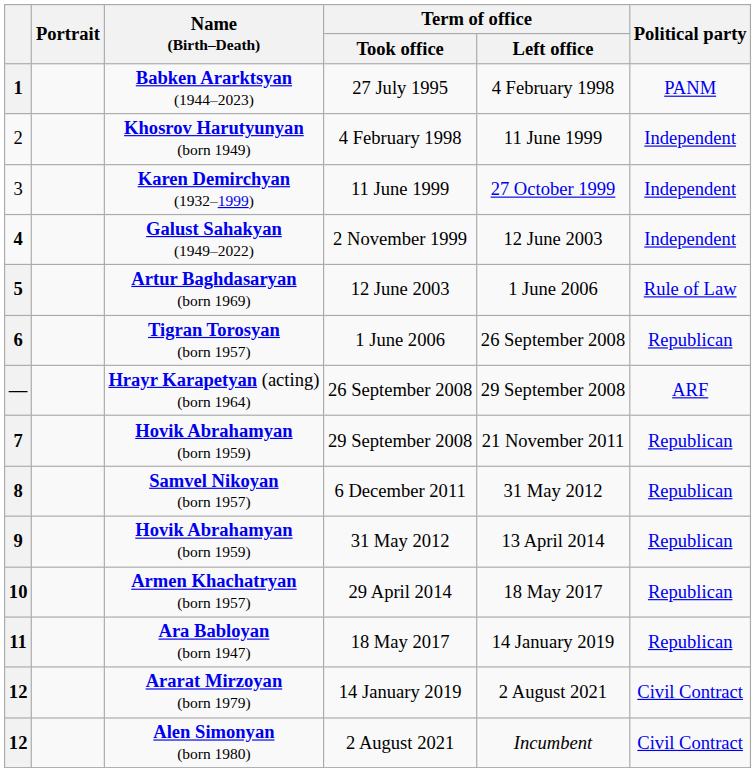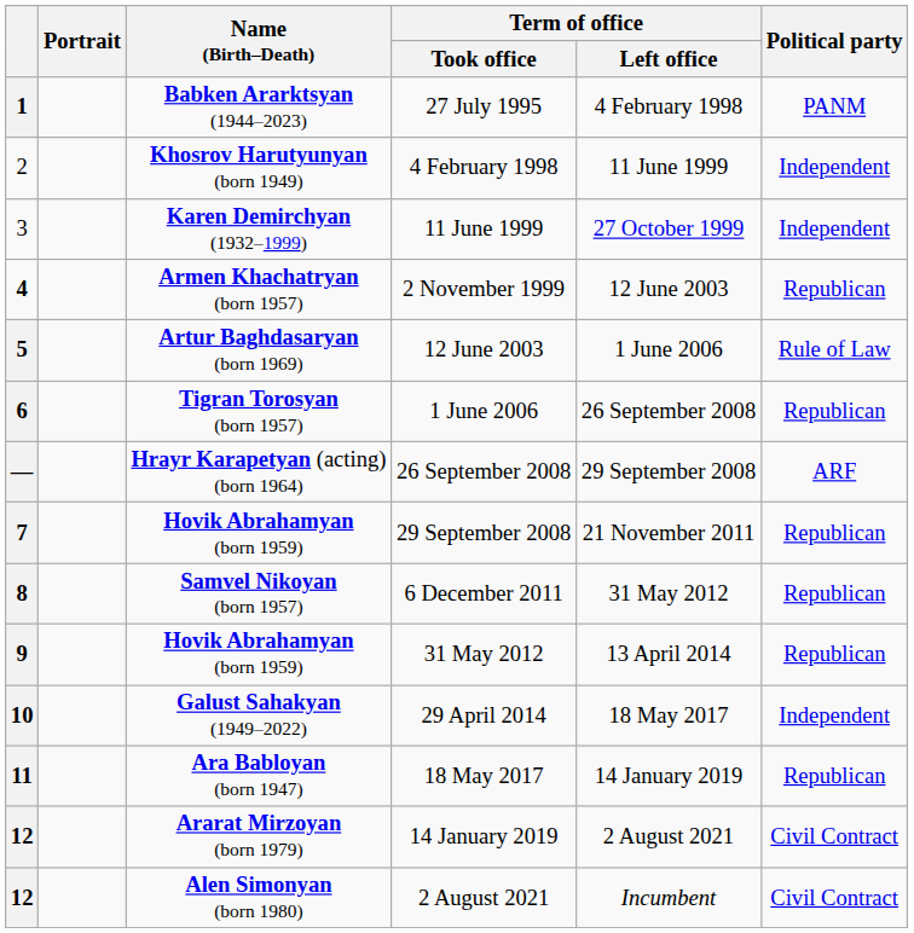 <table class="wikitable" style="text-align:center">
 <tr>
 <th rowspan="2"></th>
 <th rowspan="2">Portrait</th>
 <th rowspan="2">Name<br><small>(Birth–Death)</small></th>
 <th colspan="2">Term of office</th>
 <th rowspan="2">Political party</th>
 </tr>
 <tr>
 <th>Took office</th>
 <th>Left office</th>
 </tr>
 <tr>
 <th style="background:">1</th>
 <td></td>
 <td><strong><a href='#'>Babken Ararktsyan</a></strong><br><small>(1944–2023)</small></td>
 <td>27 July 1995</td>
 <td>4 February 1998</td>
 <td><a href='#'>PANM</a></td>
 </tr>
 <tr>
 <td>2</td>
 <td></td>
 <td><strong><a href='#'>Khosrov Harutyunyan</a></strong><br><small>(born 1949)</small></td>
 <td>4 February 1998</td>
 <td>11 June 1999</td>
 <td><a href='#'>Independent</a></td>
 </tr>
 <tr>
 <td>3</td>
 <td></td>
 <td><strong><a href='#'>Karen Demirchyan</a></strong><br><small>(1932–<a href='#'>1999</a>)</small></td>
 <td>11 June 1999</td>
 <td><a href='#'>27 October 1999</a></td>
 <td><a href='#'>Independent</a></td>
 </tr>
 <tr>
 <td><strong>4</strong></td>
 <td></td>
-<td><strong><a href='#'>Galust Sahakyan</a></strong><br><small>(1949–2022)</small></td>
+<td><strong><a href='#'>Armen Khachatryan</a></strong><br><small>(born 1957)</small></td>
 <td>2 November 1999</td>
 <td>12 June 2003</td>
-<td><a href='#'>Independent</a></td>
+<td><a href='#'>Republican</a></td>
 </tr>
 <tr>
 <th style="background:">5</th>
 <td></td>
 <td><strong><a href='#'>Artur Baghdasaryan</a></strong><br><small>(born 1969)</small></td>
 <td>12 June 2003</td>
 <td>1 June 2006</td>
 <td><a href='#'>Rule of Law</a></td>
 </tr>
 <tr>
 <th style="background:">6</th>
 <td></td>
 <td><strong><a href='#'>Tigran Torosyan</a></strong><br><small>(born 1957)</small></td>
 <td>1 June 2006</td>
 <td>26 September 2008</td>
 <td><a href='#'>Republican</a></td>
 </tr>
 <tr>
 <th style="background:">—</th>
 <td></td>
 <td><strong><a href='#'>Hrayr Karapetyan</a></strong> (acting)<br><small>(born 1964)</small></td>
 <td>26 September 2008</td>
 <td>29 September 2008</td>
 <td><a href='#'>ARF</a></td>
 </tr>
 <tr>
 <th style="background:">7</th>
 <td></td>
 <td><strong><a href='#'>Hovik Abrahamyan</a></strong><br><small>(born 1959)</small></td>
 <td>29 September 2008</td>
 <td>21 November 2011</td>
 <td><a href='#'>Republican</a></td>
 </tr>
 <tr>
 <th style="background:">8</th>
 <td></td>
 <td><strong><a href='#'>Samvel Nikoyan</a></strong><br><small>(born 1957)</small></td>
 <td>6 December 2011</td>
 <td>31 May 2012</td>
 <td><a href='#'>Republican</a></td>
 </tr>
 <tr>
 <th style="background:">9</th>
 <td></td>
 <td><strong><a href='#'>Hovik Abrahamyan</a></strong><br><small>(born 1959)</small></td>
 <td>31 May 2012</td>
 <td>13 April 2014</td>
 <td><a href='#'>Republican</a></td>
 </tr>
 <tr>
 <th style="background:">10</th>
 <td></td>
-<td><strong><a href='#'>Armen Khachatryan</a></strong><br><small>(born 1957)</small></td>
+<td><strong><a href='#'>Galust Sahakyan</a></strong><br><small>(1949–2022)</small></td>
 <td>29 April 2014</td>
 <td>18 May 2017</td>
-<td><a href='#'>Republican</a></td>
+<td><a href='#'>Independent</a></td>
 </tr>
 <tr>
 <th style="background:">11</th>
 <td></td>
 <td><strong><a href='#'>Ara Babloyan</a></strong><br><small>(born 1947)</small></td>
 <td>18 May 2017</td>
 <td>14 January 2019</td>
 <td><a href='#'>Republican</a></td>
 </tr>
 <tr>
 <th style="background:">12</th>
 <td></td>
 <td><strong><a href='#'>Ararat Mirzoyan</a></strong><br><small>(born 1979)</small></td>
 <td>14 January 2019</td>
 <td>2 August 2021</td>
 <td><a href='#'>Civil Contract</a></td>
 </tr>
 <tr>
 <th style="background:">12</th>
 <td></td>
 <td><strong><a href='#'>Alen Simonyan</a></strong><br><small>(born 1980)</small></td>
 <td>2 August 2021</td>
 <td><em>Incumbent</em></td>
 <td><a href='#'>Civil Contract</a></td>
 </tr>
 <tr>
 </tr>
 </table>
